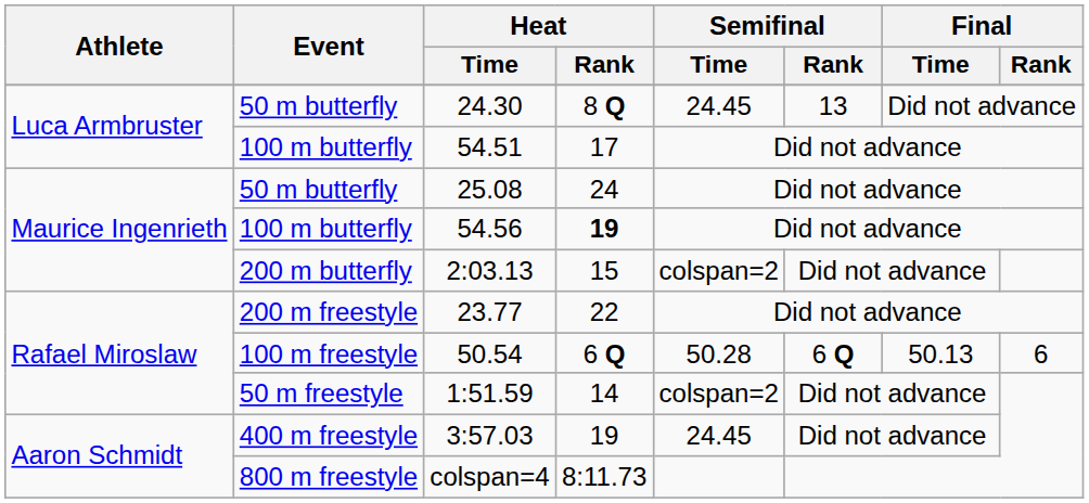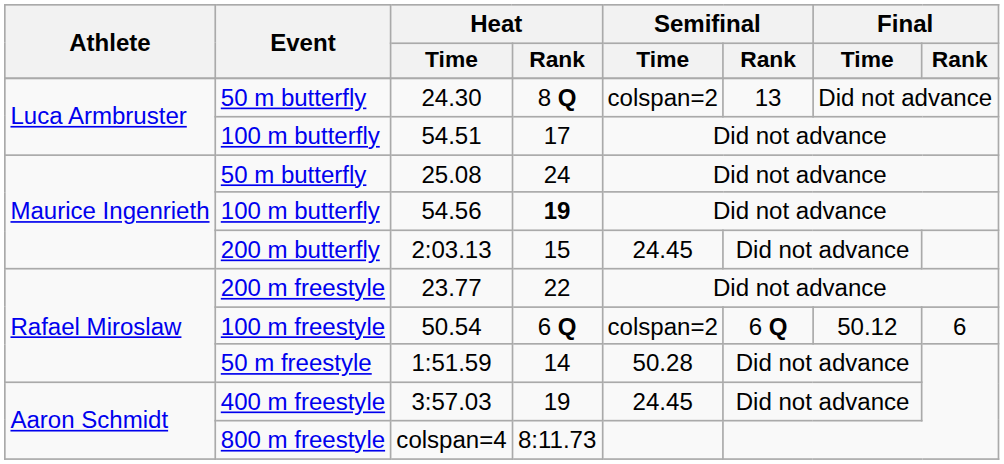 <table class=wikitable style="font-size:90%">
 <tr>
 <th rowspan=2>Athlete</th>
 <th rowspan=2>Event</th>
 <th colspan="2">Heat</th>
 <th colspan="2">Semifinal</th>
 <th colspan="2">Final</th>
 </tr>
 <tr style="font-size:95%">
 <th>Time</th>
 <th>Rank</th>
 <th>Time</th>
 <th>Rank</th>
 <th>Time</th>
 <th>Rank</th>
 </tr>
 <tr>
 </tr>
 <tr align=center>
 <td align=left rowspan=2><a href='#'>Luca Armbruster</a></td>
 <td align=left><a href='#'>50 m butterfly</a></td>
 <td>24.30</td>
 <td>8 <strong>Q</strong></td>
-<td>24.45</td>
+<td>colspan=2</td>
 <td>13</td>
 <td colspan=2>Did not advance</td>
 </tr>
 <tr align=center>
 <td align=left><a href='#'>100 m butterfly</a></td>
 <td>54.51</td>
 <td>17</td>
 <td colspan=4>Did not advance</td>
 </tr>
 <tr align=center>
 <td align=left rowspan=3><a href='#'>Maurice Ingenrieth</a></td>
 <td align=left><a href='#'>50 m butterfly</a></td>
 <td>25.08</td>
 <td>24</td>
 <td colspan=4>Did not advance</td>
 </tr>
 <tr align=center>
 <td align=left><a href='#'>100 m butterfly</a></td>
 <td>54.56</td>
 <td><strong>19</strong></td>
 <td colspan=4>Did not advance</td>
 </tr>
 <tr align=center>
 <td align=left><a href='#'>200 m butterfly</a></td>
 <td>2:03.13</td>
 <td>15</td>
-<td>colspan=2</td>
+<td>24.45</td>
 <td colspan=2>Did not advance</td>
 </tr>
 <tr align=center>
 <td align=left rowspan=3><a href='#'>Rafael Miroslaw</a></td>
 <td align=left><a href='#'>200 m freestyle</a></td>
 <td>23.77</td>
 <td>22</td>
 <td colspan=4>Did not advance</td>
 </tr>
 <tr align=center>
 <td align=left><a href='#'>100 m freestyle</a></td>
 <td>50.54</td>
 <td>6 <strong>Q</strong></td>
-<td>50.28</td>
+<td>colspan=2</td>
 <td>6 <strong>Q</strong></td>
-<td>50.13</td>
+<td>50.12</td>
 <td>6</td>
 </tr>
 <tr align=center>
 <td align=left><a href='#'>50 m freestyle</a></td>
 <td>1:51.59</td>
 <td>14</td>
-<td>colspan=2</td>
+<td>50.28</td>
 <td colspan=2>Did not advance</td>
 </tr>
 <tr align=center>
 <td align=left rowspan=2><a href='#'>Aaron Schmidt</a></td>
 <td align=left><a href='#'>400 m freestyle</a></td>
 <td>3:57.03</td>
 <td>19</td>
 <td>24.45</td>
 <td colspan=2>Did not advance</td>
 </tr>
 <tr align=center>
 <td align=left><a href='#'>800 m freestyle</a></td>
 <td>colspan=4</td>
 <td>8:11.73</td>
 <td></td>
 </tr>
 </table>
